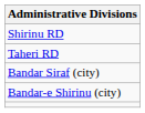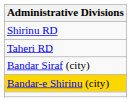 <table class="wikitable">
 <tr>
 <th>Administrative Divisions</th>
 </tr>
 <tr>
 <td><a href='#'>Shirinu RD</a></td>
 </tr>
 <tr>
 <td><a href='#'>Taheri RD</a></td>
 </tr>
 <tr>
 <td><a href='#'>Bandar Siraf</a> (city)</td>
 </tr>
 <tr>
-<td><a href='#'>Bandar-e Shirinu</a> (city)</td>
+<td style="background: gold;"><a href='#'>Bandar-e Shirinu</a> (city)</td>
 </tr>
 <tr>
 <td colspan=1></td>
 </tr>
 </table>
